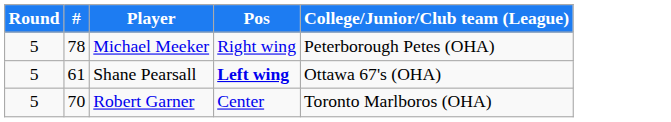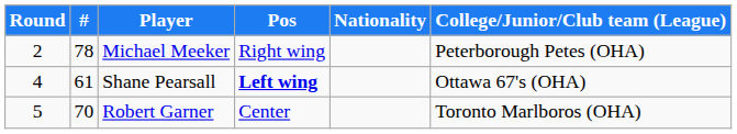 <table class="wikitable">
 <tr>
 <th style="color:white; background:#1D7CF2; ">Round</th>
 <th style="color:white; background:#1D7CF2; ">#</th>
 <th style="color:white; background:#1D7CF2; ">Player</th>
 <th style="color:white; background:#1D7CF2; ">Pos</th>
+<th style="color:white; background:#1D7CF2; ">Nationality</th>
 <th style="color:white; background:#1D7CF2; ">College/Junior/Club team (League)</th>
 </tr>
 <tr>
-<td align=center>5</td>
+<td align=center>2</td>
 <td align=center>78</td>
 <td><a href='#'>Michael Meeker</a></td>
 <td><a href='#'>Right wing</a></td>
+<td></td>
 <td>Peterborough Petes (OHA)</td>
 </tr>
 <tr>
-<td align=center>5</td>
+<td align=center>4</td>
 <td align=center>61</td>
 <td>Shane Pearsall</td>
 <td><strong><a href='#'>Left wing</a></strong></td>
+<td></td>
 <td>Ottawa 67's (OHA)</td>
 </tr>
 <tr>
 <td align=center>5</td>
 <td align=center>70</td>
 <td><a href='#'>Robert Garner</a></td>
 <td><a href='#'>Center</a></td>
+<td></td>
 <td>Toronto Marlboros (OHA)</td>
 </tr>
 </table>
